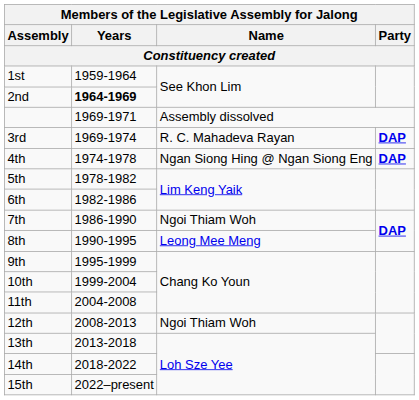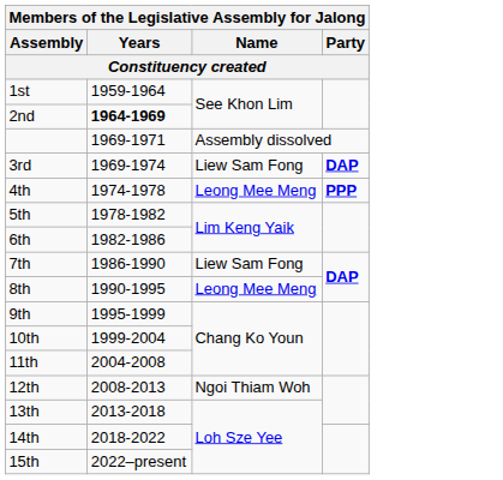 <table class="wikitable">
 <tr>
 <th colspan="4">Members of the Legislative Assembly for Jalong</th>
 </tr>
 <tr>
 <th>Assembly</th>
 <th>Years</th>
 <th>Name</th>
 <th>Party</th>
 </tr>
 <tr>
 <th colspan="4" align="center"><em>Constituency created</em></th>
 </tr>
 <tr>
 <td>1st</td>
 <td>1959-1964</td>
 <td rowspan="2">See Khon Lim</td>
 <td rowspan="2"></td>
 </tr>
 <tr>
 <td>2nd</td>
 <td><strong>1964-1969</strong></td>
 </tr>
 <tr>
 <td></td>
 <td>1969-1971</td>
 <td colspan="2">Assembly dissolved</td>
 </tr>
 <tr>
 <td>3rd</td>
 <td>1969-1974</td>
-<td>R. C. Mahadeva Rayan</td>
+<td>Liew Sam Fong</td>
 <td><strong><a href='#'>DAP</a></strong></td>
 </tr>
 <tr>
 <td>4th</td>
 <td>1974-1978</td>
-<td>Ngan Siong Hing @ Ngan Siong Eng</td>
-<td><strong><a href='#'>DAP</a></strong></td>
+<td><a href='#'>Leong Mee Meng</a></td>
+<td><strong><a href='#'>PPP</a></strong></td>
 </tr>
 <tr>
 <td>5th</td>
 <td>1978-1982</td>
 <td rowspan="2"><a href='#'>Lim Keng Yaik</a></td>
 <td rowspan="2"></td>
 </tr>
 <tr>
 <td>6th</td>
 <td>1982-1986</td>
 </tr>
 <tr>
 <td>7th</td>
 <td>1986-1990</td>
-<td>Ngoi Thiam Woh</td>
+<td>Liew Sam Fong</td>
 <td rowspan="2"><strong><a href='#'>DAP</a></strong></td>
 </tr>
 <tr>
 <td>8th</td>
 <td>1990-1995</td>
 <td><a href='#'>Leong Mee Meng</a></td>
 </tr>
 <tr>
 <td>9th</td>
 <td>1995-1999</td>
 <td rowspan="3">Chang Ko Youn</td>
 <td rowspan="3"></td>
 </tr>
 <tr>
 <td>10th</td>
 <td>1999-2004</td>
 </tr>
 <tr>
 <td>11th</td>
 <td>2004-2008</td>
 </tr>
 <tr>
 <td>12th</td>
 <td>2008-2013</td>
 <td>Ngoi Thiam Woh</td>
 <td rowspan="2"></td>
 </tr>
 <tr>
 <td>13th</td>
 <td>2013-2018</td>
 <td rowspan="3"><a href='#'>Loh Sze Yee</a></td>
 </tr>
 <tr>
 <td>14th</td>
 <td>2018-2022</td>
 <td rowspan="2"></td>
 </tr>
 <tr>
 <td>15th</td>
 <td>2022–present</td>
 </tr>
 </table>
